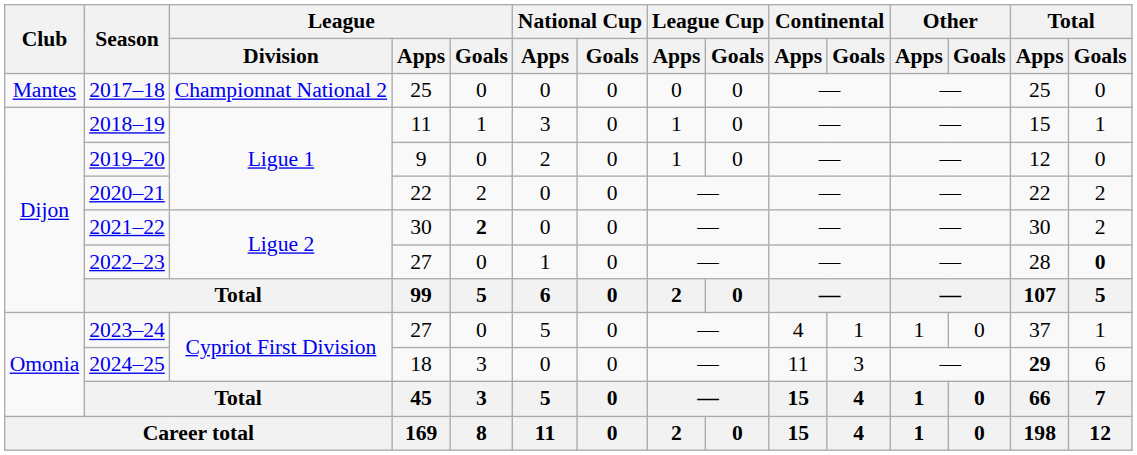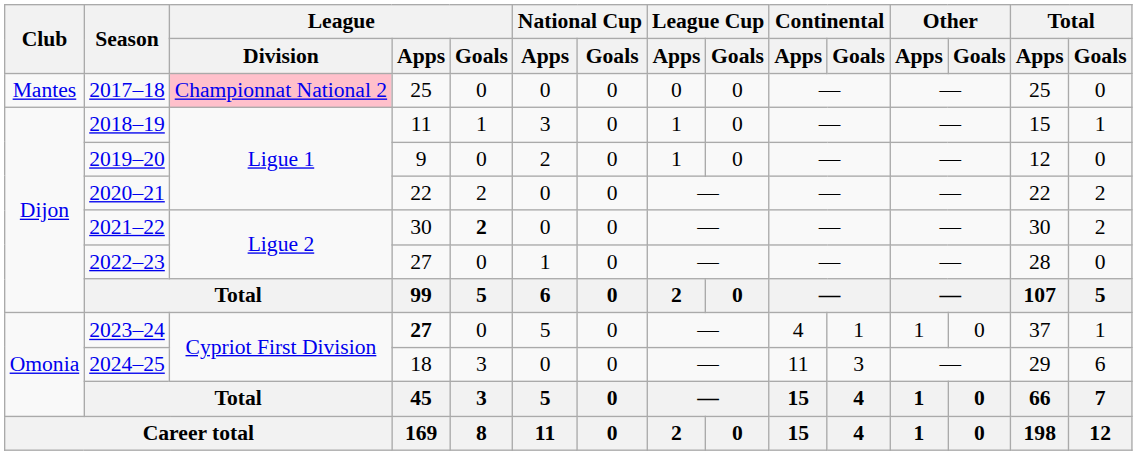 <table class="wikitable" style="text-align:center">
 <tr>
 <th rowspan="2">Club</th>
 <th rowspan="2">Season</th>
 <th colspan="3">League</th>
 <th colspan="2">National Cup</th>
 <th colspan="2">League Cup</th>
 <th colspan="2">Continental</th>
 <th colspan="2">Other</th>
 <th colspan="2">Total</th>
 </tr>
 <tr>
 <th>Division</th>
 <th>Apps</th>
 <th>Goals</th>
 <th>Apps</th>
 <th>Goals</th>
 <th>Apps</th>
 <th>Goals</th>
 <th>Apps</th>
 <th>Goals</th>
 <th>Apps</th>
 <th>Goals</th>
 <th>Apps</th>
 <th>Goals</th>
 </tr>
 <tr>
 <td><a href='#'>Mantes</a></td>
 <td><a href='#'>2017–18</a></td>
-<td><a href='#'>Championnat National 2</a></td>
+<td style="background: pink;"><a href='#'>Championnat National 2</a></td>
 <td>25</td>
 <td>0</td>
 <td>0</td>
 <td>0</td>
 <td>0</td>
 <td>0</td>
 <td colspan="2">—</td>
 <td colspan="2">—</td>
 <td>25</td>
 <td>0</td>
 </tr>
 <tr>
 <td rowspan="6"><a href='#'>Dijon</a></td>
 <td><a href='#'>2018–19</a></td>
 <td rowspan="3"><a href='#'>Ligue 1</a></td>
 <td>11</td>
 <td>1</td>
 <td>3</td>
 <td>0</td>
 <td>1</td>
 <td>0</td>
 <td colspan="2">—</td>
 <td colspan="2">—</td>
 <td>15</td>
 <td>1</td>
 </tr>
 <tr>
 <td><a href='#'>2019–20</a></td>
 <td>9</td>
 <td>0</td>
 <td>2</td>
 <td>0</td>
 <td>1</td>
 <td>0</td>
 <td colspan="2">—</td>
 <td colspan="2">—</td>
 <td>12</td>
 <td>0</td>
 </tr>
 <tr>
 <td><a href='#'>2020–21</a></td>
 <td>22</td>
 <td>2</td>
 <td>0</td>
 <td>0</td>
 <td colspan="2">—</td>
 <td colspan="2">—</td>
 <td colspan="2">—</td>
 <td>22</td>
 <td>2</td>
 </tr>
 <tr>
 <td><a href='#'>2021–22</a></td>
 <td rowspan="2"><a href='#'>Ligue 2</a></td>
 <td>30</td>
 <td><strong>2</strong></td>
 <td>0</td>
 <td>0</td>
 <td colspan="2">—</td>
 <td colspan="2">—</td>
 <td colspan="2">—</td>
 <td>30</td>
 <td>2</td>
 </tr>
 <tr>
 <td><a href='#'>2022–23</a></td>
 <td>27</td>
 <td>0</td>
 <td>1</td>
 <td>0</td>
 <td colspan="2">—</td>
 <td colspan="2">—</td>
 <td colspan="2">—</td>
 <td>28</td>
-<td><strong>0</strong></td>
+<td>0</td>
 </tr>
 <tr>
 <th colspan="2">Total</th>
 <th>99</th>
 <th>5</th>
 <th>6</th>
 <th>0</th>
 <th>2</th>
 <th>0</th>
 <th colspan="2">—</th>
 <th colspan="2">—</th>
 <th>107</th>
 <th>5</th>
 </tr>
 <tr>
 <td rowspan="3"><a href='#'>Omonia</a></td>
 <td><a href='#'>2023–24</a></td>
 <td rowspan="2"><a href='#'>Cypriot First Division</a></td>
-<td>27</td>
+<td><strong>27</strong></td>
 <td>0</td>
 <td>5</td>
 <td>0</td>
 <td colspan="2">—</td>
 <td>4</td>
 <td>1</td>
 <td>1</td>
 <td>0</td>
 <td>37</td>
 <td>1</td>
 </tr>
 <tr>
 <td><a href='#'>2024–25</a></td>
 <td>18</td>
 <td>3</td>
 <td>0</td>
 <td>0</td>
 <td colspan="2">—</td>
 <td>11</td>
 <td>3</td>
 <td colspan="2">—</td>
-<td><strong>29</strong></td>
+<td>29</td>
 <td>6</td>
 </tr>
 <tr>
 <th colspan="2">Total</th>
 <th>45</th>
 <th>3</th>
 <th>5</th>
 <th>0</th>
 <th colspan="2">—</th>
 <th>15</th>
 <th>4</th>
 <th>1</th>
 <th>0</th>
 <th>66</th>
 <th>7</th>
 </tr>
 <tr>
 <th colspan="3">Career total</th>
 <th>169</th>
 <th>8</th>
 <th>11</th>
 <th>0</th>
 <th>2</th>
 <th>0</th>
 <th>15</th>
 <th>4</th>
 <th>1</th>
 <th>0</th>
 <th>198</th>
 <th>12</th>
 </tr>
 </table>
